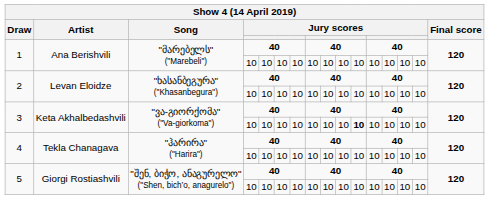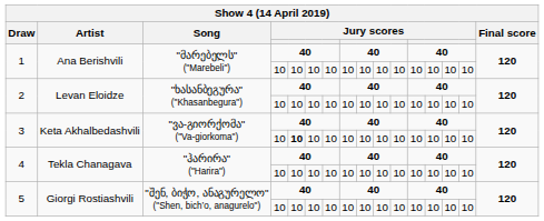 <table class="sortable wikitable" style="text-align:center;margin:1em auto 1em auto">
 <tr>
 <th colspan=16>Show 4 (14 April 2019)</th>
 </tr>
 <tr>
 <th rowspan="2">Draw</th>
 <th rowspan="2">Artist</th>
 <th rowspan="2">Song</th>
 <th colspan="12">Jury scores</th>
 <th rowspan="2">Final score</th>
 </tr>
 <tr>
 <th colspan="4"><small></small></th>
 <th colspan="4"><small></small></th>
 <th colspan="4"><small></small></th>
 </tr>
 <tr>
 <td rowspan=2>1</td>
 <td rowspan=2>Ana Berishvili</td>
 <td rowspan=2>"მარებელს"<br><small>("Marebeli")</small></td>
 <td colspan=4><strong>40</strong></td>
 <td colspan=4><strong>40</strong></td>
 <td colspan=4><strong>40</strong></td>
 <td rowspan=2><strong>120</strong></td>
 </tr>
 <tr>
 <td>10</td>
 <td>10</td>
 <td>10</td>
 <td>10</td>
 <td>10</td>
 <td>10</td>
 <td>10</td>
 <td>10</td>
 <td>10</td>
 <td>10</td>
 <td>10</td>
 <td>10</td>
 </tr>
 <tr>
 <td rowspan=2>2</td>
 <td rowspan=2>Levan Eloidze</td>
 <td rowspan=2>"ხასანბეგურა"<br><small>("Khasanbegura")</small></td>
 <td colspan=4><strong>40</strong></td>
 <td colspan=4><strong>40</strong></td>
 <td colspan=4><strong>40</strong></td>
 <td rowspan=2><strong>120</strong></td>
 </tr>
 <tr>
 <td>10</td>
 <td>10</td>
 <td>10</td>
 <td>10</td>
 <td>10</td>
 <td>10</td>
 <td>10</td>
 <td>10</td>
 <td>10</td>
 <td>10</td>
 <td>10</td>
 <td>10</td>
 </tr>
 <tr>
 <td rowspan=2>3</td>
 <td rowspan=2>Keta Akhalbedashvili</td>
 <td rowspan=2>"ვა-გიორქომა"<br><small>("Va-giorkoma")</small></td>
 <td colspan=4><strong>40</strong></td>
 <td colspan=4><strong>40</strong></td>
 <td colspan=4><strong>40</strong></td>
 <td rowspan=2><strong>120</strong></td>
 </tr>
 <tr>
 <td>10</td>
+<td><strong>10</strong></td>
 <td>10</td>
 <td>10</td>
 <td>10</td>
 <td>10</td>
 <td>10</td>
 <td>10</td>
-<td><strong>10</strong></td>
 <td>10</td>
 <td>10</td>
 <td>10</td>
 <td>10</td>
 </tr>
 <tr>
 <td rowspan=2>4</td>
 <td rowspan=2>Tekla Chanagava</td>
 <td rowspan=2>"ჰარირა"<br><small>("Harira")</small></td>
 <td colspan=4><strong>40</strong></td>
 <td colspan=4><strong>40</strong></td>
 <td colspan=4><strong>40</strong></td>
 <td rowspan=2><strong>120</strong></td>
 </tr>
 <tr>
 <td>10</td>
 <td>10</td>
 <td>10</td>
 <td>10</td>
 <td>10</td>
 <td>10</td>
 <td>10</td>
 <td>10</td>
 <td>10</td>
 <td>10</td>
 <td>10</td>
 <td>10</td>
 </tr>
 <tr>
 <td rowspan=2>5</td>
 <td rowspan=2>Giorgi Rostiashvili</td>
 <td rowspan=2>"შენ, ბიჭო, ანაგურელო"<br><small>("Shen, bich’o, anagurelo")</small></td>
 <td colspan=4><strong>40</strong></td>
 <td colspan=4><strong>40</strong></td>
 <td colspan=4><strong>40</strong></td>
 <td rowspan=2><strong>120</strong></td>
 </tr>
 <tr>
 <td>10</td>
 <td>10</td>
 <td>10</td>
 <td>10</td>
 <td>10</td>
 <td>10</td>
 <td>10</td>
 <td>10</td>
 <td>10</td>
 <td>10</td>
 <td>10</td>
 <td>10</td>
 </tr>
 </table>
